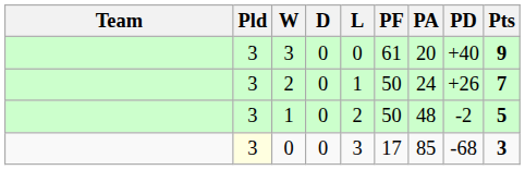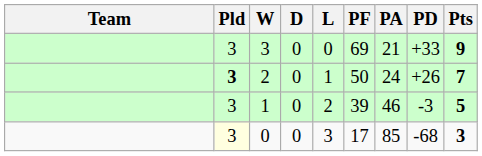 <table class="wikitable" style="text-align:center;">
 <tr>
 <th width=175>Team</th>
 <th width=20 abbr="Played">Pld</th>
 <th width=20 abbr="Won">W</th>
 <th width=20 abbr="Drawn">D</th>
 <th width=20 abbr="Lost">L</th>
 <th width=20 abbr="Points for">PF</th>
 <th width=20 abbr="Points against">PA</th>
 <th width=25 abbr="Points difference">PD</th>
 <th width=20 abbr="Points">Pts</th>
 </tr>
 <tr bgcolor=ccffcc>
 <td style="text-align:left;"></td>
 <td>3</td>
 <td>3</td>
 <td>0</td>
 <td>0</td>
-<td>61</td>
-<td>20</td>
-<td>+40</td>
+<td>69</td>
+<td>21</td>
+<td>+33</td>
 <td><strong>9</strong></td>
 </tr>
 <tr bgcolor=ccffcc>
 <td style="text-align:left;"></td>
-<td>3</td>
+<td><strong>3</strong></td>
 <td>2</td>
 <td>0</td>
 <td>1</td>
 <td>50</td>
 <td>24</td>
 <td>+26</td>
 <td><strong>7</strong></td>
 </tr>
 <tr bgcolor=ccffcc>
 <td style="text-align:left;"></td>
 <td>3</td>
 <td>1</td>
 <td>0</td>
 <td>2</td>
-<td>50</td>
-<td>48</td>
-<td>-2</td>
+<td>39</td>
+<td>46</td>
+<td>-3</td>
 <td><strong>5</strong></td>
 </tr>
 <tr>
 <td style="text-align:left;"></td>
 <td style="background: lightyellow;">3</td>
 <td>0</td>
 <td>0</td>
 <td>3</td>
 <td>17</td>
 <td>85</td>
 <td>-68</td>
 <td><strong>3</strong></td>
 </tr>
 </table>
